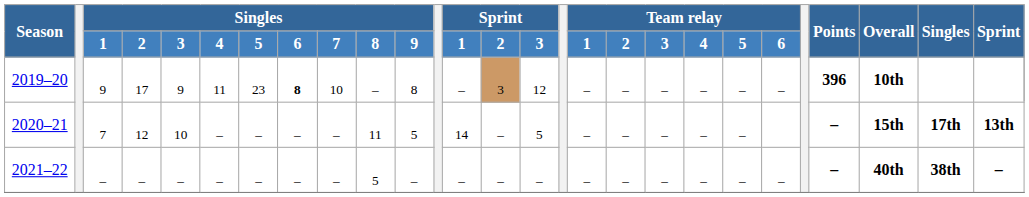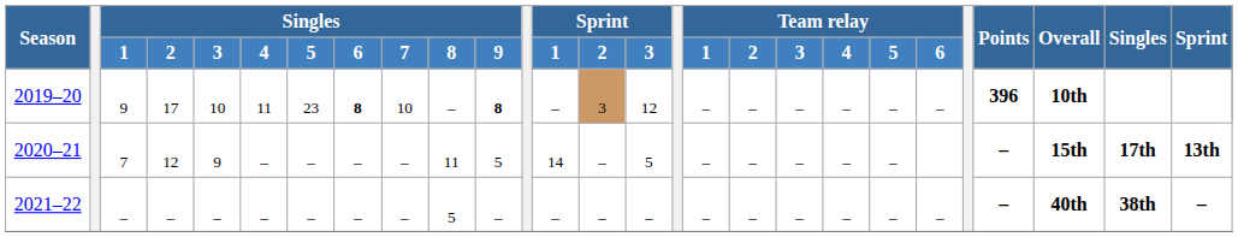 <table class="wikitable" style="font-size:95%; text-align:center; border:grey solid 1px; border-collapse:collapse; background:#ffffff;">
 <tr>
 <th rowspan="2" style="background-color:#369; color:white; width:60px">Season</th>
 <th rowspan="5" width="1px"></th>
 <th colspan="9" style="background-color:#369; color:white;">Singles</th>
 <th rowspan="5" width="1px"></th>
 <th colspan="3" style="background-color:#369; color:white;">Sprint</th>
 <th rowspan="5" width="1px"></th>
 <th colspan="6" style="background-color:#369; color:white;">Team relay</th>
 <th rowspan="5" width="1px"></th>
 <th rowspan="2" style="background-color:#369; color:white; width:40px">Points</th>
 <th rowspan="2" style="background-color:#369; color:white; width:40px">Overall</th>
 <th rowspan="2" style="background-color:#369; color:white; width:40px">Singles</th>
 <th rowspan="2" style="background-color:#369; color:white; width:40px">Sprint</th>
 </tr>
 <tr>
 <th style="background-color:#4180be; color:white; width:30px">1</th>
 <th style="background-color:#4180be; color:white; width:30px">2</th>
 <th style="background-color:#4180be; color:white; width:30px">3</th>
 <th style="background-color:#4180be; color:white; width:30px">4</th>
 <th style="background-color:#4180be; color:white; width:30px">5</th>
 <th style="background-color:#4180be; color:white; width:30px">6</th>
 <th style="background-color:#4180be; color:white; width:30px">7</th>
 <th style="background-color:#4180be; color:white; width:30px">8</th>
 <th style="background-color:#4180be; color:white; width:30px">9</th>
 <th style="background-color:#4180be; color:white; width:30px">1</th>
 <th style="background-color:#4180be; color:white; width:30px">2</th>
 <th style="background-color:#4180be; color:white; width:30px">3</th>
 <th style="background-color:#4180be; color:white; width:30px">1</th>
 <th style="background-color:#4180be; color:white; width:30px">2</th>
 <th style="background-color:#4180be; color:white; width:30px">3</th>
 <th style="background-color:#4180be; color:white; width:30px">4</th>
 <th style="background-color:#4180be; color:white; width:30px">5</th>
 <th style="background-color:#4180be; color:white; width:30px">6</th>
 </tr>
 <tr>
 <td><a href='#'>2019–20</a></td>
 <td><br><small>9</small></td>
 <td><br><small>17</small></td>
-<td><br><small>9</small></td>
+<td><br><small>10</small></td>
 <td><br><small>11</small></td>
 <td><br><small>23</small></td>
 <td><strong><br><small>8</small></strong></td>
 <td><br><small>10</small></td>
 <td><br><small>–</small></td>
-<td><br><small>8</small></td>
+<td><strong><br><small>8</small></strong></td>
 <td><br><small>–</small></td>
 <td style="background:#cc9966;"><br><small>3</small></td>
 <td><br><small>12</small></td>
 <td><br><small>–</small></td>
 <td><br><small>–</small></td>
 <td><br><small>–</small></td>
 <td><br><small>–</small></td>
 <td><br><small>–</small></td>
 <td><br><small>–</small></td>
 <td><strong>396</strong></td>
 <td><strong>10th</strong></td>
 <td></td>
 </tr>
 <tr>
 <td><a href='#'>2020–21</a></td>
 <td><br><small>7</small></td>
 <td><br><small>12</small></td>
-<td><br><small>10</small></td>
+<td><br><small>9</small></td>
 <td><br><small>–</small></td>
 <td><br><small>–</small></td>
 <td><br><small>–</small></td>
 <td><br><small>–</small></td>
 <td><br><small>11</small></td>
 <td><br><small>5</small></td>
 <td><br><small>14</small></td>
 <td><br><small>–</small></td>
 <td><br><small>5</small></td>
 <td><br><small>–</small></td>
 <td><br><small>–</small></td>
 <td><br><small>–</small></td>
 <td><br><small>–</small></td>
 <td><br><small>–</small></td>
 <td><br><small></small></td>
 <td><strong>–</strong></td>
 <td><strong>15th</strong></td>
 <td><strong>17th</strong></td>
 <td><strong>13th</strong></td>
 </tr>
 <tr>
 <td><a href='#'>2021–22</a></td>
 <td><br><small>–</small></td>
 <td><br><small>–</small></td>
 <td><br><small>–</small></td>
 <td><br><small>–</small></td>
 <td><br><small>–</small></td>
 <td><br><small>–</small></td>
 <td><br><small>–</small></td>
 <td><br><small>5</small></td>
 <td><br><small>–</small></td>
 <td><br><small>–</small></td>
 <td><br><small>–</small></td>
 <td><br><small>–</small></td>
 <td><br><small>–</small></td>
 <td><br><small>–</small></td>
 <td><br><small>–</small></td>
 <td><br><small>–</small></td>
 <td><br><small>–</small></td>
 <td><br><small>–</small></td>
 <td><strong>–</strong></td>
 <td><strong>40th</strong></td>
 <td><strong>38th</strong></td>
 <td><strong>–</strong></td>
 </tr>
 <tr>
 </tr>
 </table>
